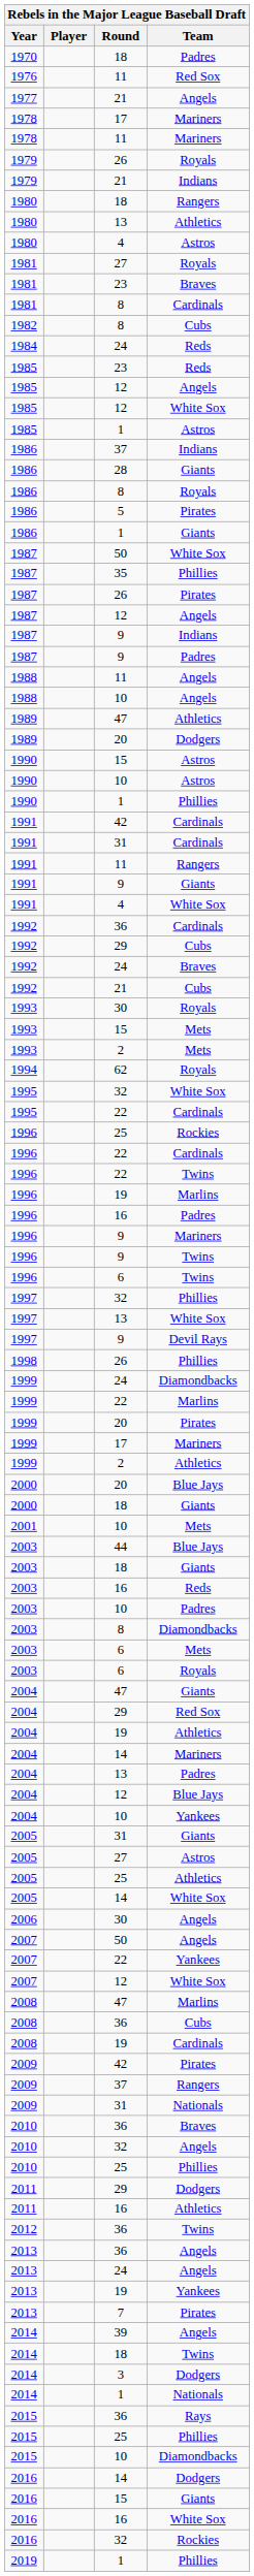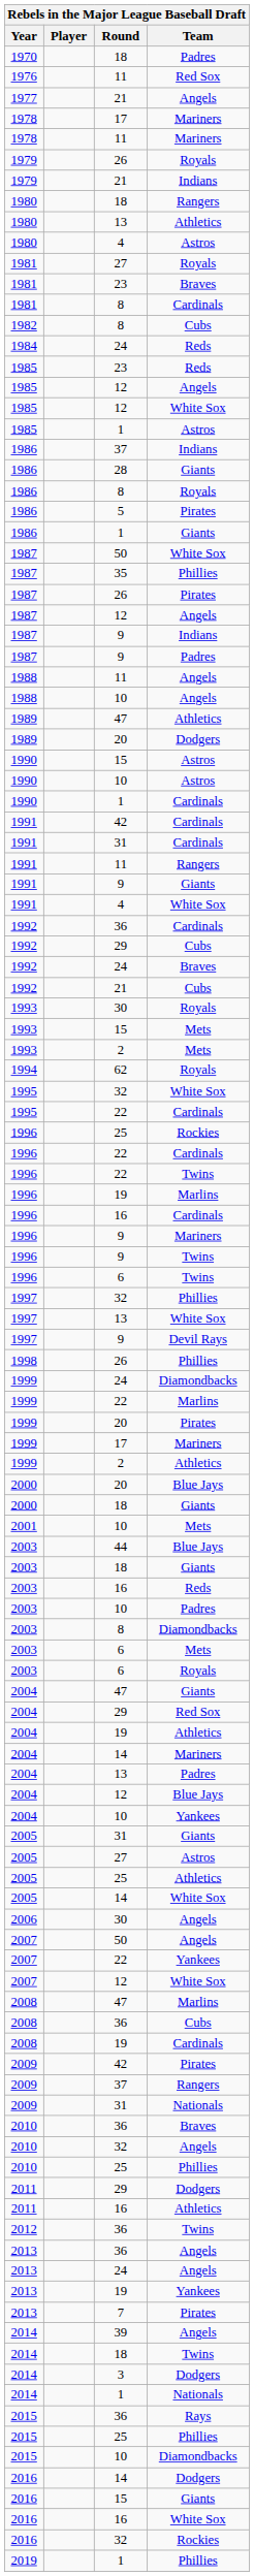 <table class="wikitable sortable collapsible collapsed" style="text-align:center">
 <tr>
 <th colspan="4">Rebels in the Major League Baseball Draft</th>
 </tr>
 <tr>
 <th>Year</th>
 <th>Player</th>
 <th>Round</th>
 <th>Team</th>
 </tr>
 <tr>
 <td><a href='#'>1970</a></td>
 <td></td>
 <td>18</td>
 <td><a href='#'>Padres</a></td>
 </tr>
 <tr>
 <td><a href='#'>1976</a></td>
 <td></td>
 <td>11</td>
 <td><a href='#'>Red Sox</a></td>
 </tr>
 <tr>
 <td><a href='#'>1977</a></td>
 <td></td>
 <td>21</td>
 <td><a href='#'>Angels</a></td>
 </tr>
 <tr>
 <td><a href='#'>1978</a></td>
 <td></td>
 <td>17</td>
 <td><a href='#'>Mariners</a></td>
 </tr>
 <tr>
 <td><a href='#'>1978</a></td>
 <td></td>
 <td>11</td>
 <td><a href='#'>Mariners</a></td>
 </tr>
 <tr>
 <td><a href='#'>1979</a></td>
 <td></td>
 <td>26</td>
 <td><a href='#'>Royals</a></td>
 </tr>
 <tr>
 <td><a href='#'>1979</a></td>
 <td></td>
 <td>21</td>
 <td><a href='#'>Indians</a></td>
 </tr>
 <tr>
 <td><a href='#'>1980</a></td>
 <td></td>
 <td>18</td>
 <td><a href='#'>Rangers</a></td>
 </tr>
 <tr>
 <td><a href='#'>1980</a></td>
 <td></td>
 <td>13</td>
 <td><a href='#'>Athletics</a></td>
 </tr>
 <tr>
 <td><a href='#'>1980</a></td>
 <td></td>
 <td>4</td>
 <td><a href='#'>Astros</a></td>
 </tr>
 <tr>
 <td><a href='#'>1981</a></td>
 <td></td>
 <td>27</td>
 <td><a href='#'>Royals</a></td>
 </tr>
 <tr>
 <td><a href='#'>1981</a></td>
 <td></td>
 <td>23</td>
 <td><a href='#'>Braves</a></td>
 </tr>
 <tr>
 <td><a href='#'>1981</a></td>
 <td></td>
 <td>8</td>
 <td><a href='#'>Cardinals</a></td>
 </tr>
 <tr>
 <td><a href='#'>1982</a></td>
 <td></td>
 <td>8</td>
 <td><a href='#'>Cubs</a></td>
 </tr>
 <tr>
 <td><a href='#'>1984</a></td>
 <td></td>
 <td>24</td>
 <td><a href='#'>Reds</a></td>
 </tr>
 <tr>
 <td><a href='#'>1985</a></td>
 <td></td>
 <td>23</td>
 <td><a href='#'>Reds</a></td>
 </tr>
 <tr>
 <td><a href='#'>1985</a></td>
 <td></td>
 <td>12</td>
 <td><a href='#'>Angels</a></td>
 </tr>
 <tr>
 <td><a href='#'>1985</a></td>
 <td></td>
 <td>12</td>
 <td><a href='#'>White Sox</a></td>
 </tr>
 <tr>
 <td><a href='#'>1985</a></td>
 <td></td>
 <td>1</td>
 <td><a href='#'>Astros</a></td>
 </tr>
 <tr>
 <td><a href='#'>1986</a></td>
 <td></td>
 <td>37</td>
 <td><a href='#'>Indians</a></td>
 </tr>
 <tr>
 <td><a href='#'>1986</a></td>
 <td></td>
 <td>28</td>
 <td><a href='#'>Giants</a></td>
 </tr>
 <tr>
 <td><a href='#'>1986</a></td>
 <td></td>
 <td>8</td>
 <td><a href='#'>Royals</a></td>
 </tr>
 <tr>
 <td><a href='#'>1986</a></td>
 <td></td>
 <td>5</td>
 <td><a href='#'>Pirates</a></td>
 </tr>
 <tr>
 <td><a href='#'>1986</a></td>
 <td></td>
 <td>1</td>
 <td><a href='#'>Giants</a></td>
 </tr>
 <tr>
 <td><a href='#'>1987</a></td>
 <td></td>
 <td>50</td>
 <td><a href='#'>White Sox</a></td>
 </tr>
 <tr>
 <td><a href='#'>1987</a></td>
 <td></td>
 <td>35</td>
 <td><a href='#'>Phillies</a></td>
 </tr>
 <tr>
 <td><a href='#'>1987</a></td>
 <td></td>
 <td>26</td>
 <td><a href='#'>Pirates</a></td>
 </tr>
 <tr>
 <td><a href='#'>1987</a></td>
 <td></td>
 <td>12</td>
 <td><a href='#'>Angels</a></td>
 </tr>
 <tr>
 <td><a href='#'>1987</a></td>
 <td></td>
 <td>9</td>
 <td><a href='#'>Indians</a></td>
 </tr>
 <tr>
 <td><a href='#'>1987</a></td>
 <td></td>
 <td>9</td>
 <td><a href='#'>Padres</a></td>
 </tr>
 <tr>
 <td><a href='#'>1988</a></td>
 <td></td>
 <td>11</td>
 <td><a href='#'>Angels</a></td>
 </tr>
 <tr>
 <td><a href='#'>1988</a></td>
 <td></td>
 <td>10</td>
 <td><a href='#'>Angels</a></td>
 </tr>
 <tr>
 <td><a href='#'>1989</a></td>
 <td></td>
 <td>47</td>
 <td><a href='#'>Athletics</a></td>
 </tr>
 <tr>
 <td><a href='#'>1989</a></td>
 <td></td>
 <td>20</td>
 <td><a href='#'>Dodgers</a></td>
 </tr>
 <tr>
 <td><a href='#'>1990</a></td>
 <td></td>
 <td>15</td>
 <td><a href='#'>Astros</a></td>
 </tr>
 <tr>
 <td><a href='#'>1990</a></td>
 <td></td>
 <td>10</td>
 <td><a href='#'>Astros</a></td>
 </tr>
 <tr>
 <td><a href='#'>1990</a></td>
 <td></td>
 <td>1</td>
-<td><a href='#'>Phillies</a></td>
+<td><a href='#'>Cardinals</a></td>
 </tr>
 <tr>
 <td><a href='#'>1991</a></td>
 <td></td>
 <td>42</td>
 <td><a href='#'>Cardinals</a></td>
 </tr>
 <tr>
 <td><a href='#'>1991</a></td>
 <td></td>
 <td>31</td>
 <td><a href='#'>Cardinals</a></td>
 </tr>
 <tr>
 <td><a href='#'>1991</a></td>
 <td></td>
 <td>11</td>
 <td><a href='#'>Rangers</a></td>
 </tr>
 <tr>
 <td><a href='#'>1991</a></td>
 <td></td>
 <td>9</td>
 <td><a href='#'>Giants</a></td>
 </tr>
 <tr>
 <td><a href='#'>1991</a></td>
 <td></td>
 <td>4</td>
 <td><a href='#'>White Sox</a></td>
 </tr>
 <tr>
 <td><a href='#'>1992</a></td>
 <td></td>
 <td>36</td>
 <td><a href='#'>Cardinals</a></td>
 </tr>
 <tr>
 <td><a href='#'>1992</a></td>
 <td></td>
 <td>29</td>
 <td><a href='#'>Cubs</a></td>
 </tr>
 <tr>
 <td><a href='#'>1992</a></td>
 <td></td>
 <td>24</td>
 <td><a href='#'>Braves</a></td>
 </tr>
 <tr>
 <td><a href='#'>1992</a></td>
 <td></td>
 <td>21</td>
 <td><a href='#'>Cubs</a></td>
 </tr>
 <tr>
 <td><a href='#'>1993</a></td>
 <td></td>
 <td>30</td>
 <td><a href='#'>Royals</a></td>
 </tr>
 <tr>
 <td><a href='#'>1993</a></td>
 <td></td>
 <td>15</td>
 <td><a href='#'>Mets</a></td>
 </tr>
 <tr>
 <td><a href='#'>1993</a></td>
 <td></td>
 <td>2</td>
 <td><a href='#'>Mets</a></td>
 </tr>
 <tr>
 <td><a href='#'>1994</a></td>
 <td></td>
 <td>62</td>
 <td><a href='#'>Royals</a></td>
 </tr>
 <tr>
 <td><a href='#'>1995</a></td>
 <td></td>
 <td>32</td>
 <td><a href='#'>White Sox</a></td>
 </tr>
 <tr>
 <td><a href='#'>1995</a></td>
 <td></td>
 <td>22</td>
 <td><a href='#'>Cardinals</a></td>
 </tr>
 <tr>
 <td><a href='#'>1996</a></td>
 <td></td>
 <td>25</td>
 <td><a href='#'>Rockies</a></td>
 </tr>
 <tr>
 <td><a href='#'>1996</a></td>
 <td></td>
 <td>22</td>
 <td><a href='#'>Cardinals</a></td>
 </tr>
 <tr>
 <td><a href='#'>1996</a></td>
 <td></td>
 <td>22</td>
 <td><a href='#'>Twins</a></td>
 </tr>
 <tr>
 <td><a href='#'>1996</a></td>
 <td></td>
 <td>19</td>
 <td><a href='#'>Marlins</a></td>
 </tr>
 <tr>
 <td><a href='#'>1996</a></td>
 <td></td>
 <td>16</td>
-<td><a href='#'>Padres</a></td>
+<td><a href='#'>Cardinals</a></td>
 </tr>
 <tr>
 <td><a href='#'>1996</a></td>
 <td></td>
 <td>9</td>
 <td><a href='#'>Mariners</a></td>
 </tr>
 <tr>
 <td><a href='#'>1996</a></td>
 <td></td>
 <td>9</td>
 <td><a href='#'>Twins</a></td>
 </tr>
 <tr>
 <td><a href='#'>1996</a></td>
 <td></td>
 <td>6</td>
 <td><a href='#'>Twins</a></td>
 </tr>
 <tr>
 <td><a href='#'>1997</a></td>
 <td></td>
 <td>32</td>
 <td><a href='#'>Phillies</a></td>
 </tr>
 <tr>
 <td><a href='#'>1997</a></td>
 <td></td>
 <td>13</td>
 <td><a href='#'>White Sox</a></td>
 </tr>
 <tr>
 <td><a href='#'>1997</a></td>
 <td></td>
 <td>9</td>
 <td><a href='#'>Devil Rays</a></td>
 </tr>
 <tr>
 <td><a href='#'>1998</a></td>
 <td></td>
 <td>26</td>
 <td><a href='#'>Phillies</a></td>
 </tr>
 <tr>
 <td><a href='#'>1999</a></td>
 <td></td>
 <td>24</td>
 <td><a href='#'>Diamondbacks</a></td>
 </tr>
 <tr>
 <td><a href='#'>1999</a></td>
 <td></td>
 <td>22</td>
 <td><a href='#'>Marlins</a></td>
 </tr>
 <tr>
 <td><a href='#'>1999</a></td>
 <td></td>
 <td>20</td>
 <td><a href='#'>Pirates</a></td>
 </tr>
 <tr>
 <td><a href='#'>1999</a></td>
 <td></td>
 <td>17</td>
 <td><a href='#'>Mariners</a></td>
 </tr>
 <tr>
 <td><a href='#'>1999</a></td>
 <td></td>
 <td>2</td>
 <td><a href='#'>Athletics</a></td>
 </tr>
 <tr>
 <td><a href='#'>2000</a></td>
 <td></td>
 <td>20</td>
 <td><a href='#'>Blue Jays</a></td>
 </tr>
 <tr>
 <td><a href='#'>2000</a></td>
 <td></td>
 <td>18</td>
 <td><a href='#'>Giants</a></td>
 </tr>
 <tr>
 <td><a href='#'>2001</a></td>
 <td></td>
 <td>10</td>
 <td><a href='#'>Mets</a></td>
 </tr>
 <tr>
 <td><a href='#'>2003</a></td>
 <td></td>
 <td>44</td>
 <td><a href='#'>Blue Jays</a></td>
 </tr>
 <tr>
 <td><a href='#'>2003</a></td>
 <td></td>
 <td>18</td>
 <td><a href='#'>Giants</a></td>
 </tr>
 <tr>
 <td><a href='#'>2003</a></td>
 <td></td>
 <td>16</td>
 <td><a href='#'>Reds</a></td>
 </tr>
 <tr>
 <td><a href='#'>2003</a></td>
 <td></td>
 <td>10</td>
 <td><a href='#'>Padres</a></td>
 </tr>
 <tr>
 <td><a href='#'>2003</a></td>
 <td></td>
 <td>8</td>
 <td><a href='#'>Diamondbacks</a></td>
 </tr>
 <tr>
 <td><a href='#'>2003</a></td>
 <td></td>
 <td>6</td>
 <td><a href='#'>Mets</a></td>
 </tr>
 <tr>
 <td><a href='#'>2003</a></td>
 <td></td>
 <td>6</td>
 <td><a href='#'>Royals</a></td>
 </tr>
 <tr>
 <td><a href='#'>2004</a></td>
 <td></td>
 <td>47</td>
 <td><a href='#'>Giants</a></td>
 </tr>
 <tr>
 <td><a href='#'>2004</a></td>
 <td></td>
 <td>29</td>
 <td><a href='#'>Red Sox</a></td>
 </tr>
 <tr>
 <td><a href='#'>2004</a></td>
 <td></td>
 <td>19</td>
 <td><a href='#'>Athletics</a></td>
 </tr>
 <tr>
 <td><a href='#'>2004</a></td>
 <td></td>
 <td>14</td>
 <td><a href='#'>Mariners</a></td>
 </tr>
 <tr>
 <td><a href='#'>2004</a></td>
 <td></td>
 <td>13</td>
 <td><a href='#'>Padres</a></td>
 </tr>
 <tr>
 <td><a href='#'>2004</a></td>
 <td></td>
 <td>12</td>
 <td><a href='#'>Blue Jays</a></td>
 </tr>
 <tr>
 <td><a href='#'>2004</a></td>
 <td></td>
 <td>10</td>
 <td><a href='#'>Yankees</a></td>
 </tr>
 <tr>
 <td><a href='#'>2005</a></td>
 <td></td>
 <td>31</td>
 <td><a href='#'>Giants</a></td>
 </tr>
 <tr>
 <td><a href='#'>2005</a></td>
 <td></td>
 <td>27</td>
 <td><a href='#'>Astros</a></td>
 </tr>
 <tr>
 <td><a href='#'>2005</a></td>
 <td></td>
 <td>25</td>
 <td><a href='#'>Athletics</a></td>
 </tr>
 <tr>
 <td><a href='#'>2005</a></td>
 <td></td>
 <td>14</td>
 <td><a href='#'>White Sox</a></td>
 </tr>
 <tr>
 <td><a href='#'>2006</a></td>
 <td></td>
 <td>30</td>
 <td><a href='#'>Angels</a></td>
 </tr>
 <tr>
 <td><a href='#'>2007</a></td>
 <td></td>
 <td>50</td>
 <td><a href='#'>Angels</a></td>
 </tr>
 <tr>
 <td><a href='#'>2007</a></td>
 <td></td>
 <td>22</td>
 <td><a href='#'>Yankees</a></td>
 </tr>
 <tr>
 <td><a href='#'>2007</a></td>
 <td></td>
 <td>12</td>
 <td><a href='#'>White Sox</a></td>
 </tr>
 <tr>
 <td><a href='#'>2008</a></td>
 <td></td>
 <td>47</td>
 <td><a href='#'>Marlins</a></td>
 </tr>
 <tr>
 <td><a href='#'>2008</a></td>
 <td></td>
 <td>36</td>
 <td><a href='#'>Cubs</a></td>
 </tr>
 <tr>
 <td><a href='#'>2008</a></td>
 <td></td>
 <td>19</td>
 <td><a href='#'>Cardinals</a></td>
 </tr>
 <tr>
 <td><a href='#'>2009</a></td>
 <td></td>
 <td>42</td>
 <td><a href='#'>Pirates</a></td>
 </tr>
 <tr>
 <td><a href='#'>2009</a></td>
 <td></td>
 <td>37</td>
 <td><a href='#'>Rangers</a></td>
 </tr>
 <tr>
 <td><a href='#'>2009</a></td>
 <td></td>
 <td>31</td>
 <td><a href='#'>Nationals</a></td>
 </tr>
 <tr>
 <td><a href='#'>2010</a></td>
 <td></td>
 <td>36</td>
 <td><a href='#'>Braves</a></td>
 </tr>
 <tr>
 <td><a href='#'>2010</a></td>
 <td></td>
 <td>32</td>
 <td><a href='#'>Angels</a></td>
 </tr>
 <tr>
 <td><a href='#'>2010</a></td>
 <td></td>
 <td>25</td>
 <td><a href='#'>Phillies</a></td>
 </tr>
 <tr>
 <td><a href='#'>2011</a></td>
 <td></td>
 <td>29</td>
 <td><a href='#'>Dodgers</a></td>
 </tr>
 <tr>
 <td><a href='#'>2011</a></td>
 <td></td>
 <td>16</td>
 <td><a href='#'>Athletics</a></td>
 </tr>
 <tr>
 <td><a href='#'>2012</a></td>
 <td></td>
 <td>36</td>
 <td><a href='#'>Twins</a></td>
 </tr>
 <tr>
 <td><a href='#'>2013</a></td>
 <td></td>
 <td>36</td>
 <td><a href='#'>Angels</a></td>
 </tr>
 <tr>
 <td><a href='#'>2013</a></td>
 <td></td>
 <td>24</td>
 <td><a href='#'>Angels</a></td>
 </tr>
 <tr>
 <td><a href='#'>2013</a></td>
 <td></td>
 <td>19</td>
 <td><a href='#'>Yankees</a></td>
 </tr>
 <tr>
 <td><a href='#'>2013</a></td>
 <td></td>
 <td>7</td>
 <td><a href='#'>Pirates</a></td>
 </tr>
 <tr>
 <td><a href='#'>2014</a></td>
 <td></td>
 <td>39</td>
 <td><a href='#'>Angels</a></td>
 </tr>
 <tr>
 <td><a href='#'>2014</a></td>
 <td></td>
 <td>18</td>
 <td><a href='#'>Twins</a></td>
 </tr>
 <tr>
 <td><a href='#'>2014</a></td>
 <td></td>
 <td>3</td>
 <td><a href='#'>Dodgers</a></td>
 </tr>
 <tr>
 <td><a href='#'>2014</a></td>
 <td></td>
 <td>1</td>
 <td><a href='#'>Nationals</a></td>
 </tr>
 <tr>
 <td><a href='#'>2015</a></td>
 <td></td>
 <td>36</td>
 <td><a href='#'>Rays</a></td>
 </tr>
 <tr>
 <td><a href='#'>2015</a></td>
 <td></td>
 <td>25</td>
 <td><a href='#'>Phillies</a></td>
 </tr>
 <tr>
 <td><a href='#'>2015</a></td>
 <td></td>
 <td>10</td>
 <td><a href='#'>Diamondbacks</a></td>
 </tr>
 <tr>
 <td><a href='#'>2016</a></td>
 <td></td>
 <td>14</td>
 <td><a href='#'>Dodgers</a></td>
 </tr>
 <tr>
 <td><a href='#'>2016</a></td>
 <td></td>
 <td>15</td>
 <td><a href='#'>Giants</a></td>
 </tr>
 <tr>
 <td><a href='#'>2016</a></td>
 <td></td>
 <td>16</td>
 <td><a href='#'>White Sox</a></td>
 </tr>
 <tr>
 <td><a href='#'>2016</a></td>
 <td></td>
 <td>32</td>
 <td><a href='#'>Rockies</a></td>
 </tr>
 <tr>
 <td><a href='#'>2019</a></td>
 <td></td>
 <td>1</td>
 <td><a href='#'>Phillies</a></td>
 </tr>
 </table>
